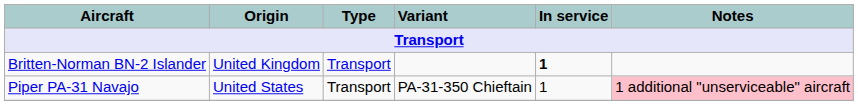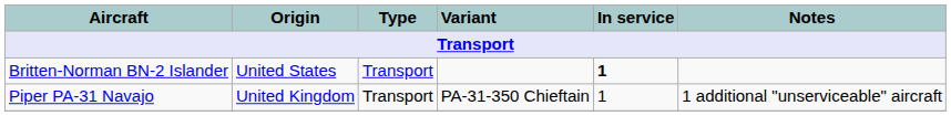 <table class="wikitable">
 <tr>
 <th style="text-align:center; background:#acc;">Aircraft</th>
 <th style="text-align: center; background:#acc;">Origin</th>
 <th style="text-align:l center; background:#acc;">Type</th>
 <th style="text-align:left; background:#acc;">Variant</th>
 <th style="text-align:center; background:#acc;">In service</th>
 <th style="text-align: center; background:#acc;">Notes</th>
 </tr>
 <tr>
 <th colspan="6" style="align: center; background: lavender;"><a href='#'>Transport</a></th>
 </tr>
 <tr>
 <td><a href='#'>Britten-Norman BN-2 Islander</a></td>
-<td><a href='#'>United Kingdom</a></td>
+<td><a href='#'>United States</a></td>
 <td><a href='#'>Transport</a></td>
 <td></td>
 <td><strong>1</strong></td>
 <td></td>
 </tr>
 <tr>
 <td><a href='#'>Piper PA-31 Navajo</a></td>
-<td><a href='#'>United States</a></td>
+<td><a href='#'>United Kingdom</a></td>
 <td>Transport</td>
 <td>PA-31-350 Chieftain</td>
 <td>1</td>
-<td style="background: pink;">1 additional "unserviceable" aircraft</td>
+<td>1 additional "unserviceable" aircraft</td>
 </tr>
 <tr>
 </tr>
 </table>
